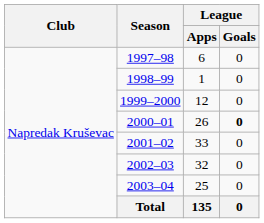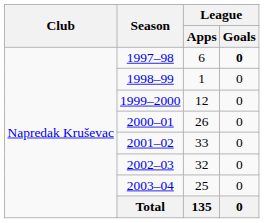 <table class="wikitable" style="text-align:center">
 <tr>
 <th rowspan="2">Club</th>
 <th rowspan="2">Season</th>
 <th colspan="2">League</th>
 </tr>
 <tr>
 <th>Apps</th>
 <th>Goals</th>
 </tr>
 <tr>
 <td rowspan="8"><a href='#'>Napredak Kruševac</a></td>
 <td><a href='#'>1997–98</a></td>
 <td>6</td>
-<td>0</td>
+<td><strong>0</strong></td>
 </tr>
 <tr>
 <td><a href='#'>1998–99</a></td>
 <td>1</td>
 <td>0</td>
 </tr>
 <tr>
 <td><a href='#'>1999–2000</a></td>
 <td>12</td>
 <td>0</td>
 </tr>
 <tr>
 <td><a href='#'>2000–01</a></td>
 <td>26</td>
-<td><strong>0</strong></td>
+<td>0</td>
 </tr>
 <tr>
 <td><a href='#'>2001–02</a></td>
 <td>33</td>
 <td>0</td>
 </tr>
 <tr>
 <td><a href='#'>2002–03</a></td>
 <td>32</td>
 <td>0</td>
 </tr>
 <tr>
 <td><a href='#'>2003–04</a></td>
 <td>25</td>
 <td>0</td>
 </tr>
 <tr>
 <th>Total</th>
 <th>135</th>
 <th>0</th>
 </tr>
 </table>
